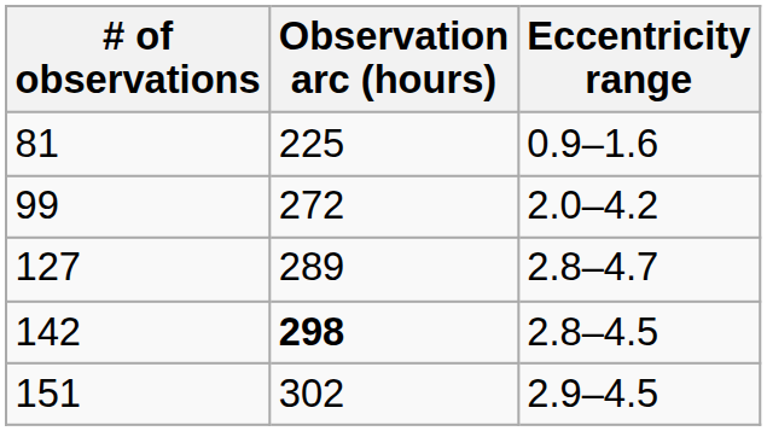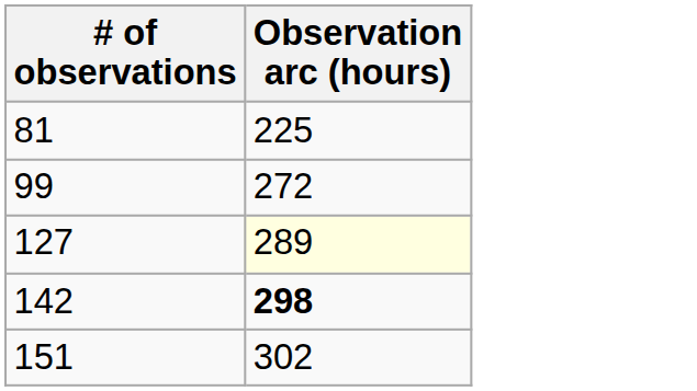 <table class="wikitable floatright">
 <tr>
 <th># of<br>observations</th>
 <th>Observation<br>arc (hours)</th>
-<th>Eccentricity<br>range</th>
 </tr>
 <tr>
 <td>81</td>
 <td>225</td>
-<td>0.9–1.6</td>
 </tr>
 <tr>
 <td>99</td>
 <td>272</td>
-<td>2.0–4.2</td>
 </tr>
 <tr>
 <td>127</td>
-<td>289</td>
-<td>2.8–4.7</td>
+<td style="background: lightyellow;">289</td>
 </tr>
 <tr>
 <td>142</td>
 <td><strong>298</strong></td>
-<td>2.8–4.5</td>
 </tr>
 <tr>
 <td>151</td>
 <td>302</td>
-<td>2.9–4.5</td>
 </tr>
 </table>
